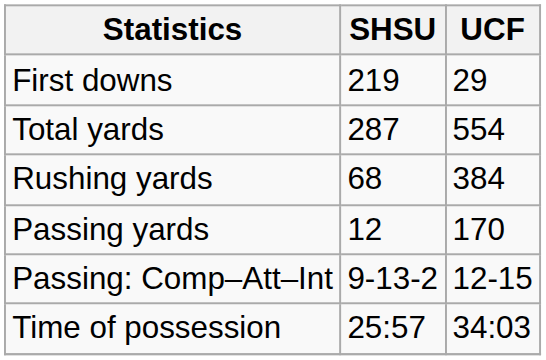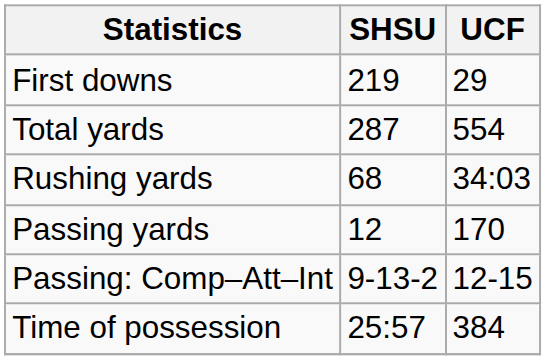 <table class="wikitable" style="float: left;">
 <tr>
 <th>Statistics</th>
 <th>SHSU</th>
 <th>UCF</th>
 </tr>
 <tr>
 <td>First downs</td>
 <td>219</td>
 <td>29</td>
 </tr>
 <tr>
 <td>Total yards</td>
 <td>287</td>
 <td>554</td>
 </tr>
 <tr>
 <td>Rushing yards</td>
 <td>68</td>
-<td>384</td>
+<td>34:03</td>
 </tr>
 <tr>
 <td>Passing yards</td>
 <td>12</td>
 <td>170</td>
 </tr>
 <tr>
 <td>Passing: Comp–Att–Int</td>
 <td>9-13-2</td>
 <td>12-15</td>
 </tr>
 <tr>
 <td>Time of possession</td>
 <td>25:57</td>
-<td>34:03</td>
+<td>384</td>
 </tr>
 <tr>
 </tr>
 </table>
